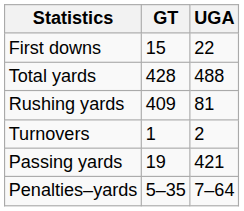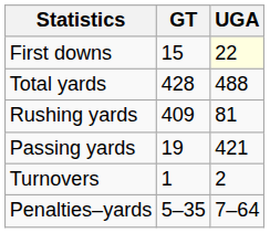 <table class="wikitable" style="float: left;">
 <tr>
 <th>Statistics</th>
 <th>GT</th>
 <th>UGA</th>
 </tr>
 <tr>
 <td>First downs</td>
 <td>15</td>
-<td>22</td>
+<td style="background: lightyellow;">22</td>
 </tr>
 <tr>
 <td>Total yards</td>
 <td>428</td>
 <td>488</td>
 </tr>
 <tr>
 <td>Rushing yards</td>
 <td>409</td>
 <td>81</td>
 </tr>
 <tr>
+<td>Passing yards</td>
+<td>19</td>
+<td>421</td>
+</tr>
+<tr>
 <td>Turnovers</td>
 <td>1</td>
 <td>2</td>
-</tr>
-<tr>
-<td>Passing yards</td>
-<td>19</td>
-<td>421</td>
 </tr>
 <tr>
 <td>Penalties–yards</td>
 <td>5–35</td>
 <td>7–64</td>
 </tr>
 </table>
